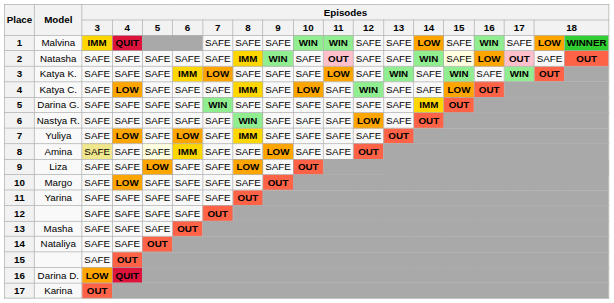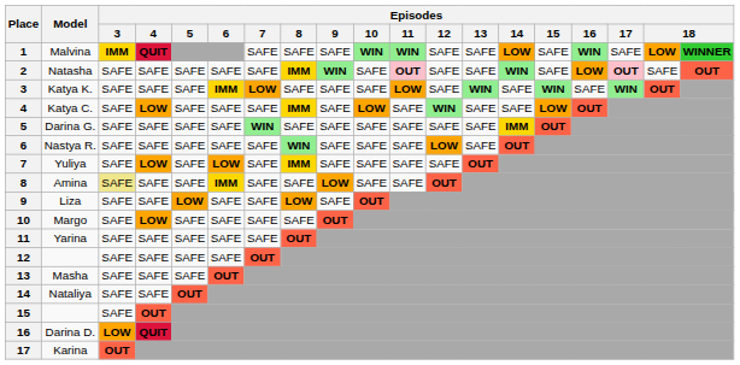 <table class="wikitable" style="text-align:center; font-size:90%">
 <tr>
 <th rowspan="2">Place</th>
 <th rowspan="2">Model</th>
 <th colspan="18">Episodes</th>
 </tr>
 <tr>
 <th>3</th>
 <th>4</th>
 <th>5</th>
 <th>6</th>
 <th>7</th>
 <th>8</th>
 <th>9</th>
 <th>10</th>
 <th>11</th>
 <th>12</th>
 <th>13</th>
 <th>14</th>
 <th>15</th>
 <th>16</th>
 <th>17</th>
 <th colspan="2">18</th>
 </tr>
 <tr>
 <th>1</th>
 <td>Malvina</td>
 <td bgcolor="gold"><strong>IMM</strong></td>
 <td style="background:crimson;"><strong><span>QUIT</span></strong></td>
 <td colspan="2" style="background:darkgrey;”"></td>
 <td>SAFE</td>
 <td>SAFE</td>
 <td>SAFE</td>
 <td style="background:lightgreen;"><strong>WIN</strong></td>
 <td style="background:lightgreen;"><strong>WIN</strong></td>
 <td>SAFE</td>
 <td>SAFE</td>
 <td style="background:orange;"><strong>LOW</strong></td>
 <td>SAFE</td>
 <td style="background:lightgreen;"><strong>WIN</strong></td>
 <td>SAFE</td>
 <td style="background:orange;"><strong>LOW</strong></td>
 <td style="background:limegreen;"><strong>WINNER</strong></td>
 </tr>
 <tr>
 <th>2</th>
 <td>Natasha</td>
 <td>SAFE</td>
 <td>SAFE</td>
 <td>SAFE</td>
 <td>SAFE</td>
 <td>SAFE</td>
 <td bgcolor="gold"><strong>IMM</strong></td>
 <td style="background:lightgreen;"><strong>WIN</strong></td>
 <td>SAFE</td>
 <td style="background:pink"><strong>OUT</strong></td>
 <td>SAFE</td>
 <td>SAFE</td>
 <td style="background:lightgreen;"><strong>WIN</strong></td>
-<td style="background: lightyellow;">SAFE</td>
+<td>SAFE</td>
 <td style="background:orange;"><strong>LOW</strong></td>
 <td style="background:pink"><strong>OUT</strong></td>
 <td>SAFE</td>
 <td style="background:tomato;"><strong>OUT</strong></td>
 </tr>
 <tr>
 <th>3</th>
 <td>Katya K.</td>
 <td>SAFE</td>
 <td>SAFE</td>
 <td>SAFE</td>
 <td bgcolor="gold"><strong>IMM</strong></td>
 <td style="background:orange;"><strong>LOW</strong></td>
 <td>SAFE</td>
 <td>SAFE</td>
 <td>SAFE</td>
 <td style="background:orange;"><strong>LOW</strong></td>
 <td>SAFE</td>
 <td style="background:lightgreen;"><strong>WIN</strong></td>
 <td>SAFE</td>
 <td style="background:lightgreen;"><strong>WIN</strong></td>
 <td>SAFE</td>
 <td style="background:lightgreen;"><strong>WIN</strong></td>
 <td style="background:tomato;"><strong>OUT</strong></td>
 <td colspan="3" style="background:darkgrey;"></td>
 </tr>
 <tr>
 <th>4</th>
 <td>Katya C.</td>
 <td>SAFE</td>
 <td style="background:orange;"><strong>LOW</strong></td>
 <td>SAFE</td>
 <td>SAFE</td>
 <td>SAFE</td>
 <td bgcolor="gold"><strong>IMM</strong></td>
 <td>SAFE</td>
 <td style="background:orange;"><strong>LOW</strong></td>
 <td>SAFE</td>
 <td style="background:lightgreen;"><strong>WIN</strong></td>
 <td>SAFE</td>
 <td>SAFE</td>
 <td style="background:orange;"><strong>LOW</strong></td>
 <td style="background:tomato;"><strong>OUT</strong></td>
 <td colspan="3" style="background:darkgrey;"></td>
 </tr>
 <tr>
 <th>5</th>
 <td>Darina G.</td>
 <td>SAFE</td>
 <td>SAFE</td>
 <td>SAFE</td>
 <td>SAFE</td>
 <td style="background:lightgreen;"><strong>WIN</strong></td>
 <td>SAFE</td>
 <td>SAFE</td>
 <td>SAFE</td>
 <td>SAFE</td>
 <td>SAFE</td>
 <td>SAFE</td>
 <td bgcolor="gold"><strong>IMM</strong></td>
 <td style="background:tomato;"><strong>OUT</strong></td>
 <td colspan="4" style="background:darkgrey;"></td>
 </tr>
 <tr>
 <th>6</th>
 <td>Nastya R.</td>
 <td>SAFE</td>
 <td>SAFE</td>
 <td>SAFE</td>
 <td>SAFE</td>
 <td>SAFE</td>
 <td style="background:lightgreen;"><strong>WIN</strong></td>
 <td>SAFE</td>
 <td>SAFE</td>
 <td>SAFE</td>
 <td style="background:orange;"><strong>LOW</strong></td>
 <td>SAFE</td>
 <td style="background:tomato;"><strong>OUT</strong></td>
 <td colspan="5" style="background:darkgrey;"></td>
 </tr>
 <tr>
 <th>7</th>
 <td>Yuliya</td>
 <td>SAFE</td>
 <td style="background:orange;"><strong>LOW</strong></td>
 <td>SAFE</td>
 <td style="background:orange;"><strong>LOW</strong></td>
 <td>SAFE</td>
 <td bgcolor="gold"><strong>IMM</strong></td>
 <td>SAFE</td>
 <td>SAFE</td>
 <td>SAFE</td>
 <td>SAFE</td>
 <td style="background:tomato;"><strong>OUT</strong></td>
 <td colspan="6" style="background:darkgrey;"></td>
 </tr>
 <tr>
 <th>8</th>
 <td>Amina</td>
 <td style="background: khaki;">SAFE</td>
 <td>SAFE</td>
-<td style="background: lightyellow;">SAFE</td>
+<td>SAFE</td>
 <td bgcolor="gold"><strong>IMM</strong></td>
 <td>SAFE</td>
 <td>SAFE</td>
 <td style="background:orange;"><strong>LOW</strong></td>
 <td>SAFE</td>
 <td>SAFE</td>
 <td style="background:tomato;"><strong>OUT</strong></td>
 <td colspan="7" rowspan="2" style="background:darkgrey;"></td>
 </tr>
 <tr>
 <th>9</th>
 <td>Liza</td>
 <td>SAFE</td>
 <td>SAFE</td>
 <td style="background:orange;"><strong>LOW</strong></td>
 <td>SAFE</td>
 <td>SAFE</td>
 <td style="background:orange;"><strong>LOW</strong></td>
 <td>SAFE</td>
 <td style="background:tomato;"><strong>OUT</strong></td>
 <td colspan="10" style="background:darkgrey;"></td>
 </tr>
 <tr>
 <th>10</th>
 <td>Margo</td>
 <td>SAFE</td>
 <td style="background:orange;"><strong>LOW</strong></td>
 <td>SAFE</td>
 <td>SAFE</td>
 <td>SAFE</td>
 <td>SAFE</td>
 <td style="background:tomato;"><strong>OUT</strong></td>
 <td colspan="10" style="background:darkgrey;"></td>
 </tr>
 <tr>
 <th>11</th>
 <td>Yarina</td>
 <td>SAFE</td>
 <td>SAFE</td>
 <td>SAFE</td>
 <td>SAFE</td>
 <td>SAFE</td>
 <td style="background:tomato;"><strong>OUT</strong></td>
 <td colspan="11" style="background:darkgrey;"></td>
 </tr>
 <tr>
 <th>12</th>
 <td></td>
 <td>SAFE</td>
 <td>SAFE</td>
 <td>SAFE</td>
 <td>SAFE</td>
 <td style="background:tomato;"><strong>OUT</strong></td>
 <td colspan="12" style="background:darkgrey;"></td>
 </tr>
 <tr>
 <th>13</th>
 <td>Masha</td>
 <td>SAFE</td>
 <td>SAFE</td>
 <td>SAFE</td>
 <td style="background:tomato;"><strong>OUT</strong></td>
 <td colspan="13" style="background:darkgrey;"></td>
 </tr>
 <tr>
 <th>14</th>
 <td>Nataliya</td>
 <td>SAFE</td>
 <td>SAFE</td>
 <td style="background:tomato;"><strong>OUT</strong></td>
 <td colspan="14" style="background:darkgrey;”"></td>
 </tr>
 <tr>
 <th>15</th>
 <td></td>
 <td>SAFE</td>
 <td style="background:tomato;"><strong>OUT</strong></td>
 <td colspan="15" style="background:darkgrey;"></td>
 </tr>
 <tr>
 <th>16</th>
 <td>Darina D.</td>
 <td bgcolor="orange"><strong>LOW</strong></td>
 <td style="background:crimson;"><strong><span>QUIT</span></strong></td>
 <td colspan="15" style="background:darkgrey;"></td>
 </tr>
 <tr>
 <th>17</th>
 <td>Karina</td>
 <td bgcolor="tomato"><strong>OUT</strong></td>
 <td colspan="16" style="background:darkgrey;"></td>
 </tr>
 </table>
